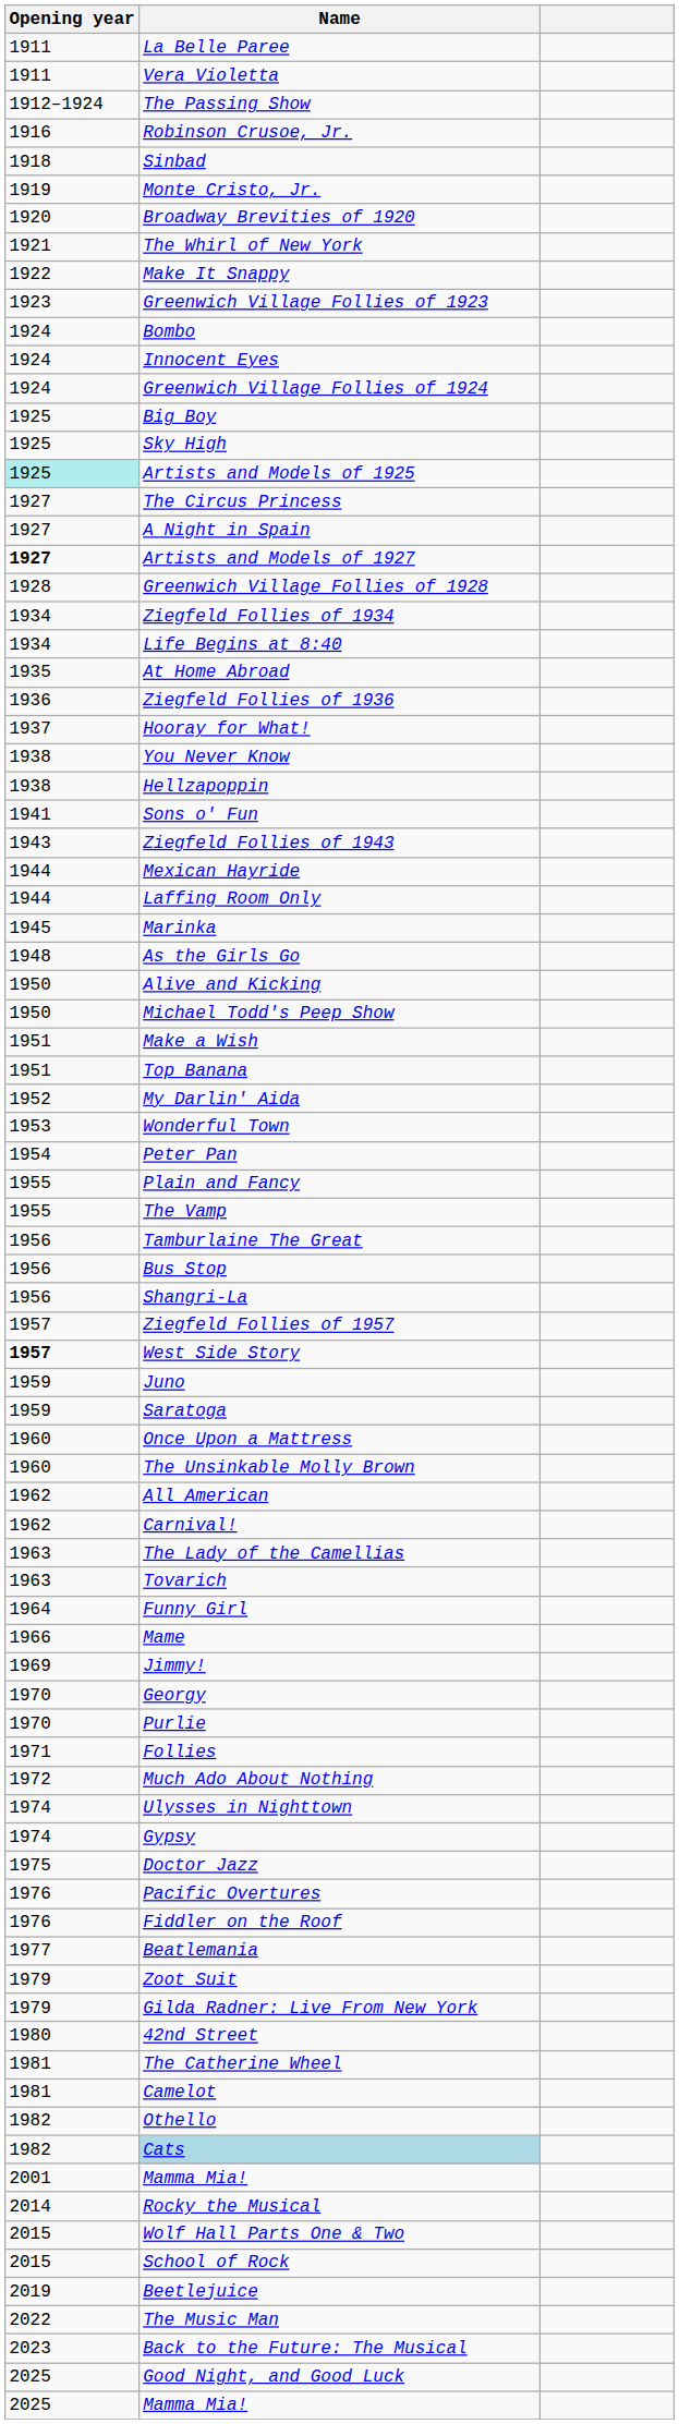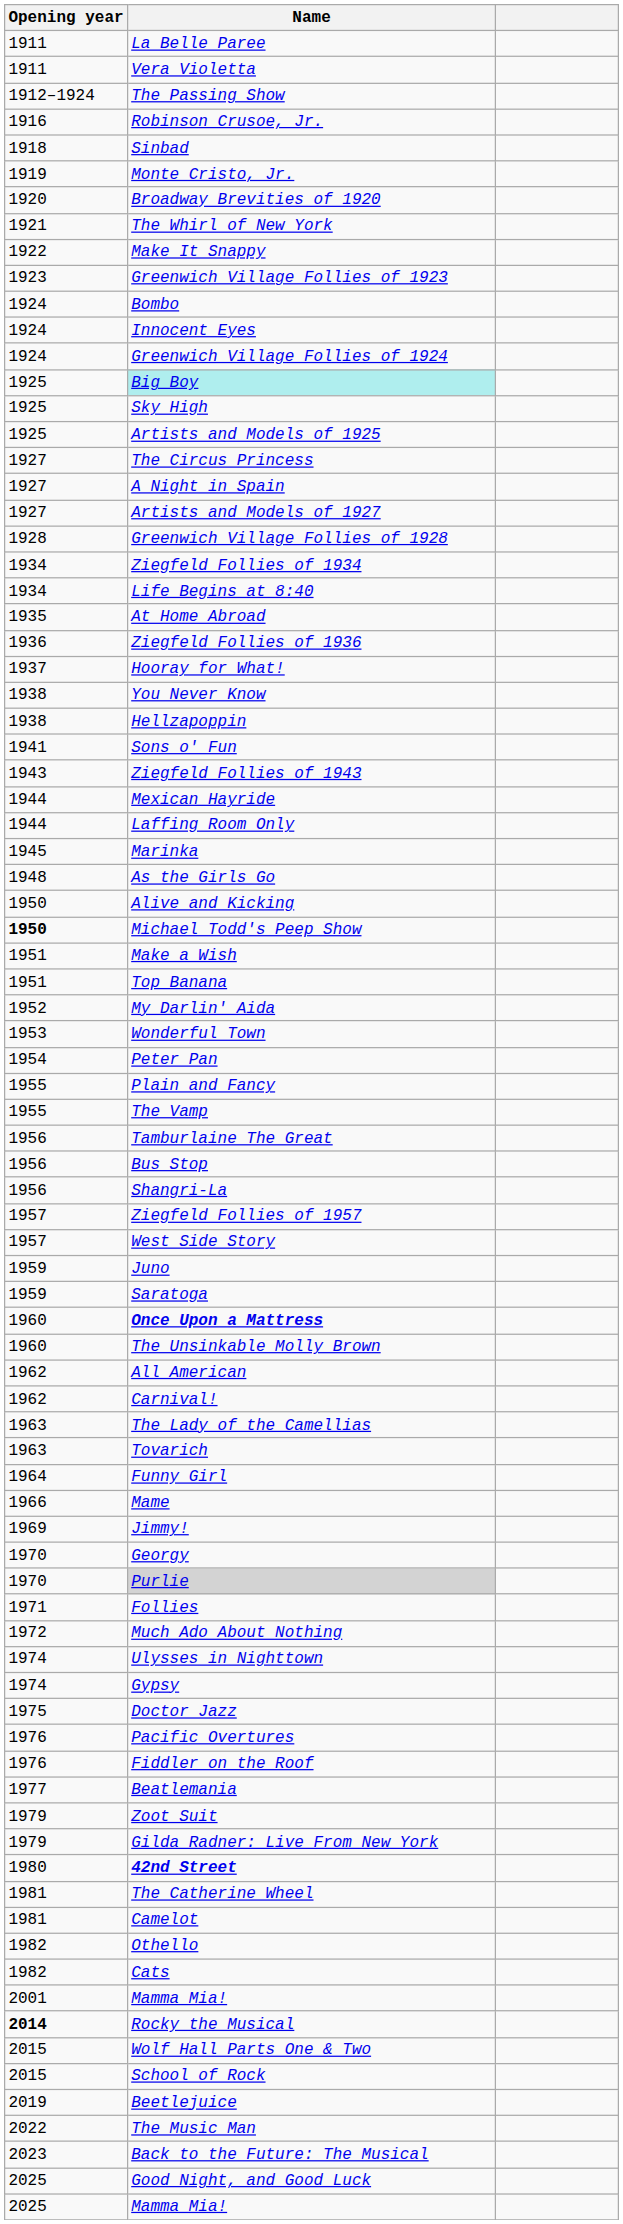 <table class="wikitable sortable collapsible">
 <tr>
 <th width=20% scope="col">Opening year</th>
 <th width=60% scope="col">Name</th>
 <th width=20% scope="col" class="unsortable"></th>
 </tr>
 <tr>
 <td>1911</td>
 <td><em><a href='#'>La Belle Paree</a></em></td>
 <td></td>
 </tr>
 <tr>
 <td>1911</td>
 <td><em><a href='#'>Vera Violetta</a></em></td>
 <td></td>
 </tr>
 <tr>
 <td>1912–1924</td>
 <td><em><a href='#'>The Passing Show</a></em></td>
 <td></td>
 </tr>
 <tr>
 <td>1916</td>
 <td><em><a href='#'>Robinson Crusoe, Jr.</a></em></td>
 <td></td>
 </tr>
 <tr>
 <td>1918</td>
 <td><em><a href='#'>Sinbad</a></em></td>
 <td></td>
 </tr>
 <tr>
 <td>1919</td>
 <td><em><a href='#'>Monte Cristo, Jr.</a></em></td>
 <td></td>
 </tr>
 <tr>
 <td>1920</td>
 <td><em><a href='#'>Broadway Brevities of 1920</a></em></td>
 <td></td>
 </tr>
 <tr>
 <td>1921</td>
 <td><em><a href='#'>The Whirl of New York</a></em></td>
 <td></td>
 </tr>
 <tr>
 <td>1922</td>
 <td><em><a href='#'>Make It Snappy</a></em></td>
 <td></td>
 </tr>
 <tr>
 <td>1923</td>
 <td><em><a href='#'>Greenwich Village Follies of 1923</a></em></td>
 <td></td>
 </tr>
 <tr>
 <td>1924</td>
 <td><em><a href='#'>Bombo</a></em></td>
 <td></td>
 </tr>
 <tr>
 <td>1924</td>
 <td><em><a href='#'>Innocent Eyes</a></em></td>
 <td></td>
 </tr>
 <tr>
 <td>1924</td>
 <td><em><a href='#'>Greenwich Village Follies of 1924</a></em></td>
 <td></td>
 </tr>
 <tr>
 <td>1925</td>
-<td><em><a href='#'>Big Boy</a></em></td>
+<td style="background: paleturquoise;"><em><a href='#'>Big Boy</a></em></td>
 <td></td>
 </tr>
 <tr>
 <td>1925</td>
 <td><em><a href='#'>Sky High</a></em></td>
 <td></td>
 </tr>
 <tr>
-<td style="background: paleturquoise;">1925</td>
+<td>1925</td>
 <td><em><a href='#'>Artists and Models of 1925</a></em></td>
 <td></td>
 </tr>
 <tr>
 <td>1927</td>
 <td><em><a href='#'>The Circus Princess</a></em></td>
 <td></td>
 </tr>
 <tr>
 <td>1927</td>
 <td><em><a href='#'>A Night in Spain</a></em></td>
 <td></td>
 </tr>
 <tr>
-<td><strong>1927</strong></td>
+<td>1927</td>
 <td><em><a href='#'>Artists and Models of 1927</a></em></td>
 <td></td>
 </tr>
 <tr>
 <td>1928</td>
 <td><em><a href='#'>Greenwich Village Follies of 1928</a></em></td>
 <td></td>
 </tr>
 <tr>
 <td>1934</td>
 <td><em><a href='#'>Ziegfeld Follies of 1934</a></em></td>
 <td></td>
 </tr>
 <tr>
 <td>1934</td>
 <td><em><a href='#'>Life Begins at 8:40</a></em></td>
 <td></td>
 </tr>
 <tr>
 <td>1935</td>
 <td><em><a href='#'>At Home Abroad</a></em></td>
 <td></td>
 </tr>
 <tr>
 <td>1936</td>
 <td><em><a href='#'>Ziegfeld Follies of 1936</a></em></td>
 <td></td>
 </tr>
 <tr>
 <td>1937</td>
 <td><em><a href='#'>Hooray for What!</a></em></td>
 <td></td>
 </tr>
 <tr>
 <td>1938</td>
 <td><em><a href='#'>You Never Know</a></em></td>
 <td></td>
 </tr>
 <tr>
 <td>1938</td>
 <td><em><a href='#'>Hellzapoppin</a></em></td>
 <td></td>
 </tr>
 <tr>
 <td>1941</td>
 <td><em><a href='#'>Sons o' Fun</a></em></td>
 <td></td>
 </tr>
 <tr>
 <td>1943</td>
 <td><em><a href='#'>Ziegfeld Follies of 1943</a></em></td>
 <td></td>
 </tr>
 <tr>
 <td>1944</td>
 <td><em><a href='#'>Mexican Hayride</a></em></td>
 <td></td>
 </tr>
 <tr>
 <td>1944</td>
 <td><em><a href='#'>Laffing Room Only</a></em></td>
 <td></td>
 </tr>
 <tr>
 <td>1945</td>
 <td><em><a href='#'>Marinka</a></em></td>
 <td></td>
 </tr>
 <tr>
 <td>1948</td>
 <td><em><a href='#'>As the Girls Go</a></em></td>
 <td></td>
 </tr>
 <tr>
 <td>1950</td>
 <td><em><a href='#'>Alive and Kicking</a></em></td>
 <td></td>
 </tr>
 <tr>
-<td>1950</td>
+<td><strong>1950</strong></td>
 <td><em><a href='#'>Michael Todd's Peep Show</a></em></td>
 <td></td>
 </tr>
 <tr>
 <td>1951</td>
 <td><em><a href='#'>Make a Wish</a></em></td>
 <td></td>
 </tr>
 <tr>
 <td>1951</td>
 <td><em><a href='#'>Top Banana</a></em></td>
 <td></td>
 </tr>
 <tr>
 <td>1952</td>
 <td><em><a href='#'>My Darlin' Aida</a></em></td>
 <td></td>
 </tr>
 <tr>
 <td>1953</td>
 <td><em><a href='#'>Wonderful Town</a></em></td>
 <td></td>
 </tr>
 <tr>
 <td>1954</td>
 <td><em><a href='#'>Peter Pan</a></em></td>
 <td></td>
 </tr>
 <tr>
 <td>1955</td>
 <td><em><a href='#'>Plain and Fancy</a></em></td>
 <td></td>
 </tr>
 <tr>
 <td>1955</td>
 <td><em><a href='#'>The Vamp</a></em></td>
 <td></td>
 </tr>
 <tr>
 <td>1956</td>
 <td><em><a href='#'>Tamburlaine The Great</a></em></td>
 <td></td>
 </tr>
 <tr>
 <td>1956</td>
 <td><em><a href='#'>Bus Stop</a></em></td>
 <td></td>
 </tr>
 <tr>
 <td>1956</td>
 <td><em><a href='#'>Shangri-La</a></em></td>
 <td></td>
 </tr>
 <tr>
 <td>1957</td>
 <td><em><a href='#'>Ziegfeld Follies of 1957</a></em></td>
 <td></td>
 </tr>
 <tr>
-<td><strong>1957</strong></td>
+<td>1957</td>
 <td><em><a href='#'>West Side Story</a></em></td>
 <td></td>
 </tr>
 <tr>
 <td>1959</td>
 <td><em><a href='#'>Juno</a></em></td>
 <td></td>
 </tr>
 <tr>
 <td>1959</td>
 <td><em><a href='#'>Saratoga</a></em></td>
 <td></td>
 </tr>
 <tr>
 <td>1960</td>
-<td><em><a href='#'>Once Upon a Mattress</a></em></td>
+<td><strong><em><a href='#'>Once Upon a Mattress</a></em></strong></td>
 <td></td>
 </tr>
 <tr>
 <td>1960</td>
 <td><em><a href='#'>The Unsinkable Molly Brown</a></em></td>
 <td></td>
 </tr>
 <tr>
 <td>1962</td>
 <td><em><a href='#'>All American</a></em></td>
 <td></td>
 </tr>
 <tr>
 <td>1962</td>
 <td><em><a href='#'>Carnival!</a></em></td>
 <td></td>
 </tr>
 <tr>
 <td>1963</td>
 <td><em><a href='#'>The Lady of the Camellias</a></em></td>
 <td></td>
 </tr>
 <tr>
 <td>1963</td>
 <td><em><a href='#'>Tovarich</a></em></td>
 <td></td>
 </tr>
 <tr>
 <td>1964</td>
 <td><em><a href='#'>Funny Girl</a></em></td>
 <td></td>
 </tr>
 <tr>
 <td>1966</td>
 <td><em><a href='#'>Mame</a></em></td>
 <td></td>
 </tr>
 <tr>
 <td>1969</td>
 <td><em><a href='#'>Jimmy!</a></em></td>
 <td></td>
 </tr>
 <tr>
 <td>1970</td>
 <td><em><a href='#'>Georgy</a></em></td>
 <td></td>
 </tr>
 <tr>
 <td>1970</td>
-<td><em><a href='#'>Purlie</a></em></td>
+<td style="background: lightgrey;"><em><a href='#'>Purlie</a></em></td>
 <td></td>
 </tr>
 <tr>
 <td>1971</td>
 <td><em><a href='#'>Follies</a></em></td>
 <td></td>
 </tr>
 <tr>
 <td>1972</td>
 <td><em><a href='#'>Much Ado About Nothing</a></em></td>
 <td></td>
 </tr>
 <tr>
 <td>1974</td>
 <td><em><a href='#'>Ulysses in Nighttown</a></em></td>
 <td></td>
 </tr>
 <tr>
 <td>1974</td>
 <td><em><a href='#'>Gypsy</a></em></td>
 <td></td>
 </tr>
 <tr>
 <td>1975</td>
 <td><em><a href='#'>Doctor Jazz</a></em></td>
 <td></td>
 </tr>
 <tr>
 <td>1976</td>
 <td><em><a href='#'>Pacific Overtures</a></em></td>
 <td></td>
 </tr>
 <tr>
 <td>1976</td>
 <td><em><a href='#'>Fiddler on the Roof</a></em></td>
 <td></td>
 </tr>
 <tr>
 <td>1977</td>
 <td><em><a href='#'>Beatlemania</a></em></td>
 <td></td>
 </tr>
 <tr>
 <td>1979</td>
 <td><em><a href='#'>Zoot Suit</a></em></td>
 <td></td>
 </tr>
 <tr>
 <td>1979</td>
 <td><em><a href='#'>Gilda Radner: Live From New York</a></em></td>
 <td></td>
 </tr>
 <tr>
 <td>1980</td>
-<td><em><a href='#'>42nd Street</a></em></td>
+<td><strong><em><a href='#'>42nd Street</a></em></strong></td>
 <td></td>
 </tr>
 <tr>
 <td>1981</td>
 <td><em><a href='#'>The Catherine Wheel</a></em></td>
 <td></td>
 </tr>
 <tr>
 <td>1981</td>
 <td><em><a href='#'>Camelot</a></em></td>
 <td></td>
 </tr>
 <tr>
 <td>1982</td>
 <td><em><a href='#'>Othello</a></em></td>
 <td></td>
 </tr>
 <tr>
 <td>1982</td>
-<td style="background: lightblue;"><em><a href='#'>Cats</a></em></td>
+<td><em><a href='#'>Cats</a></em></td>
 <td></td>
 </tr>
 <tr>
 <td>2001</td>
 <td><em><a href='#'>Mamma Mia!</a></em></td>
 <td></td>
 </tr>
 <tr>
-<td>2014</td>
+<td><strong>2014</strong></td>
 <td><em><a href='#'>Rocky the Musical</a></em></td>
 <td></td>
 </tr>
 <tr>
 <td>2015</td>
 <td><em><a href='#'>Wolf Hall Parts One & Two</a></em></td>
 <td></td>
 </tr>
 <tr>
 <td>2015</td>
 <td><em><a href='#'>School of Rock</a></em></td>
 <td></td>
 </tr>
 <tr>
 <td>2019</td>
 <td><em><a href='#'>Beetlejuice</a></em></td>
 <td></td>
 </tr>
 <tr>
 <td>2022</td>
 <td><em><a href='#'>The Music Man</a></em></td>
 <td></td>
 </tr>
 <tr>
 <td>2023</td>
 <td><em><a href='#'>Back to the Future: The Musical</a></em></td>
 <td></td>
 </tr>
 <tr>
 <td>2025</td>
 <td><em><a href='#'>Good Night, and Good Luck</a></em></td>
 <td></td>
 </tr>
 <tr>
 <td>2025</td>
 <td><em><a href='#'>Mamma Mia!</a></em></td>
 <td></td>
 </tr>
 </table>
